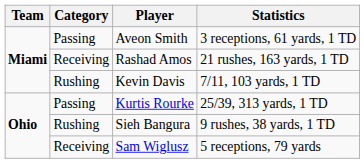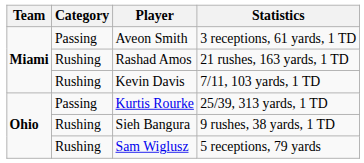 <table class="wikitable" style="float: right;">
 <tr>
 <th>Team</th>
 <th>Category</th>
 <th>Player</th>
 <th>Statistics</th>
 </tr>
 <tr>
 <td rowspan=3><strong>Miami</strong></td>
 <td>Passing</td>
 <td>Aveon Smith</td>
 <td>3 receptions, 61 yards, 1 TD</td>
 </tr>
 <tr>
-<td>Receiving</td>
+<td>Rushing</td>
 <td>Rashad Amos</td>
 <td>21 rushes, 163 yards, 1 TD</td>
 </tr>
 <tr>
 <td>Rushing</td>
 <td>Kevin Davis</td>
 <td>7/11, 103 yards, 1 TD</td>
 </tr>
 <tr>
 <td rowspan=3><strong>Ohio</strong></td>
 <td>Passing</td>
 <td><a href='#'>Kurtis Rourke</a></td>
 <td>25/39, 313 yards, 1 TD</td>
 </tr>
 <tr>
 <td>Rushing</td>
 <td>Sieh Bangura</td>
 <td>9 rushes, 38 yards, 1 TD</td>
 </tr>
 <tr>
-<td>Receiving</td>
+<td>Rushing</td>
 <td><a href='#'>Sam Wiglusz</a></td>
 <td>5 receptions, 79 yards</td>
 </tr>
 </table>
